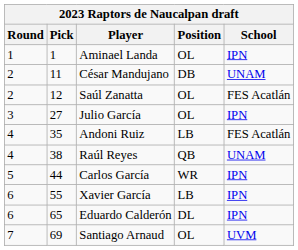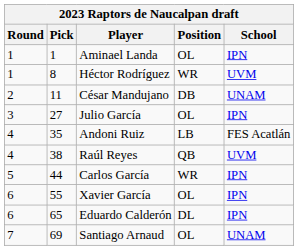 <table class="wikitable" style="text-align:left">
 <tr>
 <th colspan=5>2023 Raptors de Naucalpan draft</th>
 </tr>
 <tr>
 <th>Round</th>
 <th>Pick</th>
 <th>Player</th>
 <th>Position</th>
 <th>School</th>
 </tr>
 <tr>
 <td>1</td>
 <td>1</td>
 <td>Aminael Landa</td>
 <td>OL</td>
 <td><a href='#'>IPN</a></td>
 </tr>
 <tr>
+<td>1</td>
+<td>8</td>
+<td>Héctor Rodríguez</td>
+<td>WR</td>
+<td><a href='#'>UVM</a></td>
+</tr>
+<tr>
 <td>2</td>
 <td>11</td>
 <td>César Mandujano</td>
 <td>DB</td>
 <td><a href='#'>UNAM</a></td>
-</tr>
-<tr>
-<td>2</td>
-<td>12</td>
-<td>Saúl Zanatta</td>
-<td>OL</td>
-<td>FES Acatlán</td>
 </tr>
 <tr>
 <td>3</td>
 <td>27</td>
 <td>Julio García</td>
 <td>OL</td>
 <td><a href='#'>IPN</a></td>
 </tr>
 <tr>
 <td>4</td>
 <td>35</td>
 <td>Andoni Ruiz</td>
 <td>LB</td>
 <td>FES Acatlán</td>
 </tr>
 <tr>
 <td>4</td>
 <td>38</td>
 <td>Raúl Reyes</td>
 <td>QB</td>
-<td><a href='#'>UNAM</a></td>
+<td><a href='#'>UVM</a></td>
 </tr>
 <tr>
 <td>5</td>
 <td>44</td>
 <td>Carlos García</td>
 <td>WR</td>
 <td><a href='#'>IPN</a></td>
 </tr>
 <tr>
 <td>6</td>
 <td>55</td>
 <td>Xavier García</td>
-<td>LB</td>
+<td>OL</td>
 <td><a href='#'>IPN</a></td>
 </tr>
 <tr>
 <td>6</td>
 <td>65</td>
 <td>Eduardo Calderón</td>
 <td>DL</td>
 <td><a href='#'>IPN</a></td>
 </tr>
 <tr>
 <td>7</td>
 <td>69</td>
 <td>Santiago Arnaud</td>
 <td>OL</td>
-<td><a href='#'>UVM</a></td>
+<td><a href='#'>UNAM</a></td>
 </tr>
 </table>
